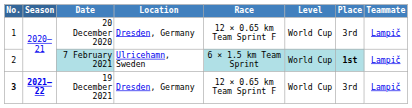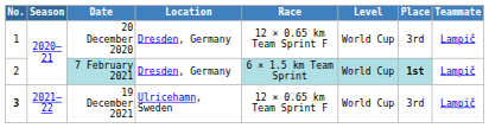 <table class="wikitable sortable" style="font-size:95%; text-align:center; border:grey solid 1px; border-collapse:collapse; background:#ffffff;">
 <tr style="background:#efefef;">
 <th style="background-color:#369; color:white;">No.</th>
 <th style="background-color:#369; color:white;">Season</th>
 <th style="background-color:#4180be; color:white; width:100px;">Date</th>
 <th style="background-color:#4180be; color:white; width:170px;">Location</th>
 <th style="background-color:#4180be; color:white; width:170px;">Race</th>
 <th style="background-color:#4180be; color:white; width:100px;">Level</th>
 <th style="background-color:#4180be; color:white;">Place</th>
 <th style="background-color:#4180be; color:white;">Teammate</th>
 </tr>
 <tr>
 <td align=center>1</td>
 <td rowspan=2 align=center><a href='#'>2020–21</a></td>
 <td align=right>20 December 2020</td>
 <td align=left> <a href='#'>Dresden</a>, Germany</td>
 <td>12 × 0.65 km Team Sprint F</td>
 <td>World Cup</td>
 <td>3rd</td>
 <td><a href='#'>Lampič</a></td>
 </tr>
 <tr>
 <td align=center>2</td>
 <td bgcolor="#BOEOE6" align=right>7 February 2021</td>
-<td align=left> <a href='#'>Ulricehamn</a>, Sweden</td>
+<td align=left> <a href='#'>Dresden</a>, Germany</td>
 <td bgcolor="#BOEOE6">6 × 1.5 km Team Sprint</td>
 <td bgcolor="#BOEOE6">World Cup</td>
 <td bgcolor="#BOEOE6"><strong>1st</strong></td>
 <td><a href='#'>Lampič</a></td>
 </tr>
 <tr>
 <td align=center><strong>3</strong></td>
-<td rowspan=1 align=center><strong><a href='#'>2021–22</a></strong></td>
+<td rowspan=1 align=center><a href='#'>2021–22</a></td>
 <td align=right>19 December 2021</td>
-<td align=left> <a href='#'>Dresden</a>, Germany</td>
+<td align=left> <a href='#'>Ulricehamn</a>, Sweden</td>
 <td>12 × 0.65 km Team Sprint F</td>
 <td>World Cup</td>
 <td>3rd</td>
 <td><a href='#'>Lampič</a></td>
 </tr>
 </table>
